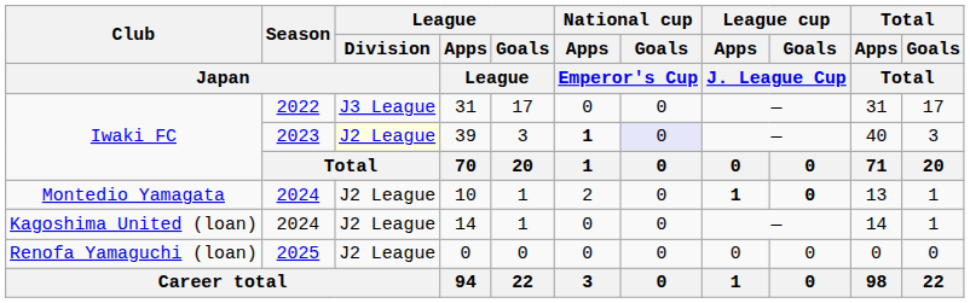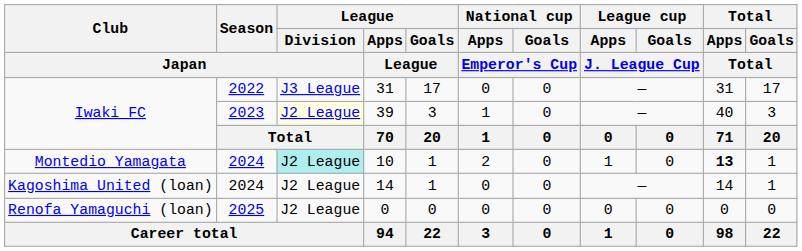 <table class="wikitable" style="text-align:center">
 <tr>
 <th rowspan=2>Club</th>
 <th rowspan=2>Season</th>
 <th colspan=3>League</th>
 <th colspan=2>National cup</th>
 <th colspan=2>League cup</th>
 <th colspan=2>Total</th>
 </tr>
 <tr>
 <th>Division</th>
 <th>Apps</th>
 <th>Goals</th>
 <th>Apps</th>
 <th>Goals</th>
 <th>Apps</th>
 <th>Goals</th>
 <th>Apps</th>
 <th>Goals</th>
 </tr>
 <tr>
 <th colspan=3>Japan</th>
 <th colspan=2>League</th>
 <th colspan=2><a href='#'>Emperor's Cup</a></th>
 <th colspan=2><a href='#'>J. League Cup</a></th>
 <th colspan=2>Total</th>
 </tr>
 <tr>
 <td rowspan="3"><a href='#'>Iwaki FC</a></td>
 <td><a href='#'>2022</a></td>
 <td><a href='#'>J3 League</a></td>
 <td>31</td>
 <td>17</td>
 <td>0</td>
 <td>0</td>
 <td colspan="2">—</td>
 <td>31</td>
 <td>17</td>
 </tr>
 <tr>
 <td><a href='#'>2023</a></td>
 <td style="background: lightyellow;"><a href='#'>J2 League</a></td>
 <td>39</td>
 <td>3</td>
-<td><strong>1</strong></td>
-<td style="background: lavender;">0</td>
+<td>1</td>
+<td>0</td>
 <td colspan="2">—</td>
 <td>40</td>
 <td>3</td>
 </tr>
 <tr>
 <th colspan=2>Total</th>
 <th>70</th>
 <th>20</th>
 <th>1</th>
 <th>0</th>
 <th>0</th>
 <th>0</th>
 <th>71</th>
 <th>20</th>
 </tr>
 <tr>
 <td><a href='#'>Montedio Yamagata</a></td>
 <td><a href='#'>2024</a></td>
-<td>J2 League</td>
+<td style="background: paleturquoise;">J2 League</td>
 <td>10</td>
 <td>1</td>
 <td>2</td>
 <td>0</td>
-<td><strong>1</strong></td>
-<td><strong>0</strong></td>
-<td>13</td>
+<td>1</td>
+<td>0</td>
+<td><strong>13</strong></td>
 <td>1</td>
 </tr>
 <tr>
 <td><a href='#'>Kagoshima United</a> (loan)</td>
 <td>2024</td>
 <td>J2 League</td>
 <td>14</td>
 <td>1</td>
 <td>0</td>
 <td>0</td>
 <td colspan="2">—</td>
 <td>14</td>
 <td>1</td>
 </tr>
 <tr>
 <td><a href='#'>Renofa Yamaguchi</a> (loan)</td>
 <td><a href='#'>2025</a></td>
 <td>J2 League</td>
 <td>0</td>
 <td>0</td>
 <td>0</td>
 <td>0</td>
 <td>0</td>
 <td>0</td>
 <td>0</td>
 <td>0</td>
 </tr>
 <tr>
 <th colspan=3>Career total</th>
 <th>94</th>
 <th>22</th>
 <th>3</th>
 <th>0</th>
 <th>1</th>
 <th>0</th>
 <th>98</th>
 <th>22</th>
 </tr>
 </table>
